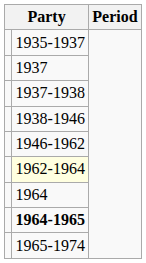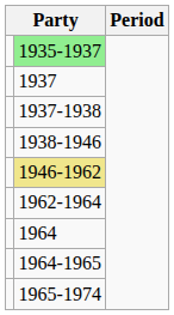 <table class="wikitable">
 <tr>
 <th colspan="2">Party</th>
 <th>Period</th>
 </tr>
 <tr>
 <td></td>
-<td>1935-1937</td>
+<td style="background: lightgreen;">1935-1937</td>
 </tr>
 <tr>
 <td></td>
 <td>1937</td>
 </tr>
 <tr>
 <td></td>
 <td>1937-1938</td>
 </tr>
 <tr>
 <td></td>
 <td>1938-1946</td>
 </tr>
 <tr>
 <td></td>
-<td>1946-1962</td>
+<td style="background: khaki;">1946-1962</td>
 </tr>
 <tr>
 <td></td>
-<td style="background: lightyellow;">1962-1964</td>
+<td>1962-1964</td>
 </tr>
 <tr>
 <td></td>
 <td>1964</td>
 </tr>
 <tr>
 <td></td>
-<td><strong>1964-1965</strong></td>
+<td>1964-1965</td>
 </tr>
 <tr>
 <td></td>
 <td>1965-1974</td>
 </tr>
 <tr>
 </tr>
 </table>
